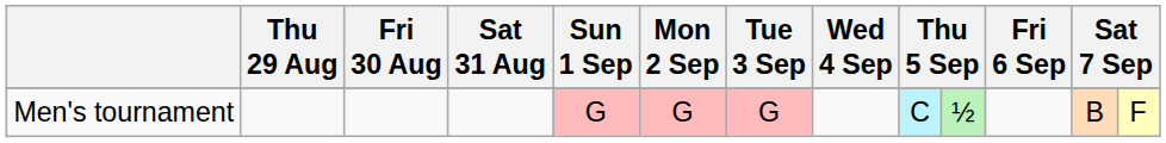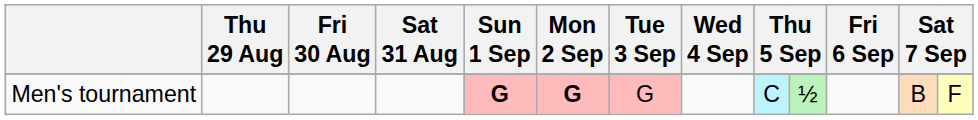 <table class="wikitable" style="margin:0.5em auto; font-size:90%; line-height:1.25em;">
 <tr align="center">
 <th></th>
 <th>Thu<br>29 Aug</th>
 <th>Fri<br>30 Aug</th>
 <th>Sat<br>31 Aug</th>
 <th>Sun<br>1 Sep</th>
 <th>Mon<br>2 Sep</th>
 <th>Tue<br>3 Sep</th>
 <th>Wed<br>4 Sep</th>
 <th colspan=2>Thu<br>5 Sep</th>
 <th>Fri<br>6 Sep</th>
 <th colspan=2>Sat<br>7 Sep</th>
 </tr>
 <tr>
 </tr>
 <tr align="center">
 <td align="left">Men's tournament</td>
 <td></td>
 <td></td>
 <td></td>
-<td bgcolor="#FFBBBB">G</td>
-<td bgcolor="#FFBBBB">G</td>
+<td bgcolor="#FFBBBB"><strong>G</strong></td>
+<td bgcolor="#FFBBBB"><strong>G</strong></td>
 <td bgcolor="#FFBBBB">G</td>
 <td></td>
 <td bgcolor="#BBF3FF">C</td>
 <td bgcolor="#BBF3BB">½</td>
 <td></td>
 <td bgcolor="#FEDCBA">B</td>
 <td bgcolor="#FFFFBB">F</td>
 </tr>
 </table>
